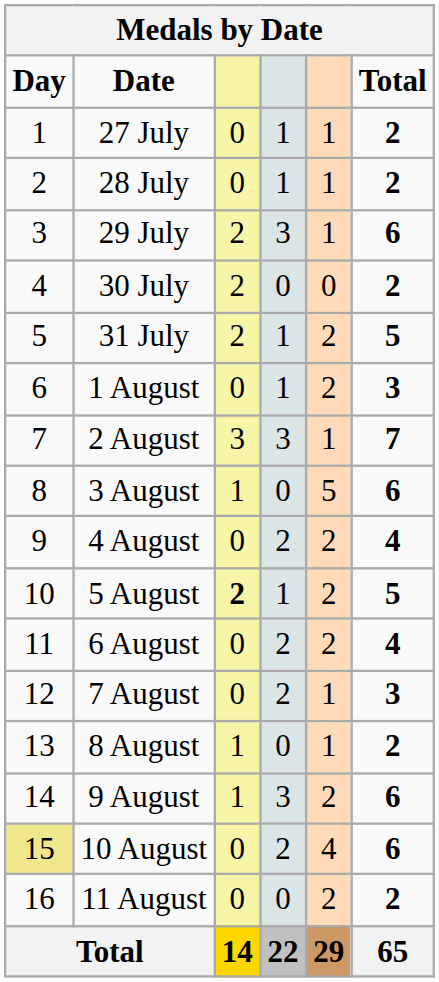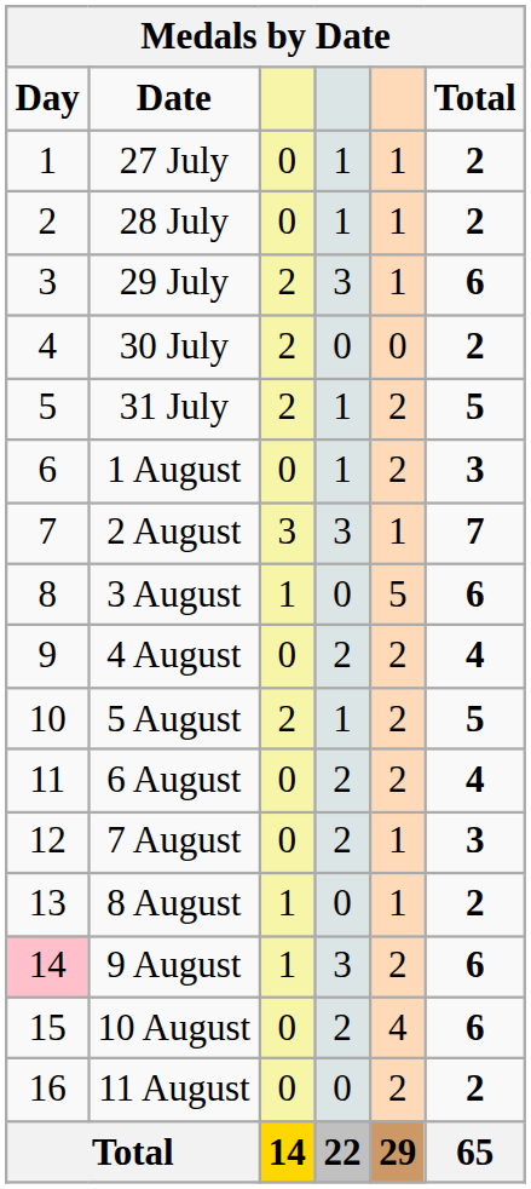 <table class="wikitable" style="font-size:85%">
 <tr bgcolor="#efefef">
 <th colspan=6>Medals by Date</th>
 </tr>
 <tr align=center>
 <td><strong>Day</strong></td>
 <td><strong>Date</strong></td>
 <td bgcolor=#f7f6a8></td>
 <td bgcolor=#dce5e5></td>
 <td bgcolor=#ffdab9></td>
 <td><strong>Total</strong></td>
 </tr>
 <tr align=center>
 <td>1</td>
 <td>27 July</td>
 <td style="background:#F7F6A8;">0</td>
 <td style="background:#DCE5E5;">1</td>
 <td style="background:#FFDAB9;">1</td>
 <td><strong>2</strong></td>
 </tr>
 <tr align=center>
 <td>2</td>
 <td>28 July</td>
 <td style="background:#F7F6A8;">0</td>
 <td style="background:#DCE5E5;">1</td>
 <td style="background:#FFDAB9;">1</td>
 <td><strong>2</strong></td>
 </tr>
 <tr align=center>
 <td>3</td>
 <td>29 July</td>
 <td style="background:#F7F6A8;">2</td>
 <td style="background:#DCE5E5;">3</td>
 <td style="background:#FFDAB9;">1</td>
 <td><strong>6</strong></td>
 </tr>
 <tr align=center>
 <td>4</td>
 <td>30 July</td>
 <td style="background:#F7F6A8;">2</td>
 <td style="background:#DCE5E5;">0</td>
 <td style="background:#FFDAB9;">0</td>
 <td><strong>2</strong></td>
 </tr>
 <tr align=center>
 <td>5</td>
 <td>31 July</td>
 <td style="background:#F7F6A8;">2</td>
 <td style="background:#DCE5E5;">1</td>
 <td style="background:#FFDAB9;">2</td>
 <td><strong>5</strong></td>
 </tr>
 <tr align=center>
 <td>6</td>
 <td>1 August</td>
 <td style="background:#F7F6A8;">0</td>
 <td style="background:#DCE5E5;">1</td>
 <td style="background:#FFDAB9;">2</td>
 <td><strong>3</strong></td>
 </tr>
 <tr align=center>
 <td>7</td>
 <td>2 August</td>
 <td style="background:#F7F6A8;">3</td>
 <td style="background:#DCE5E5;">3</td>
 <td style="background:#FFDAB9;">1</td>
 <td><strong>7</strong></td>
 </tr>
 <tr align=center>
 <td>8</td>
 <td>3 August</td>
 <td style="background:#F7F6A8;">1</td>
 <td style="background:#DCE5E5;">0</td>
 <td style="background:#FFDAB9;">5</td>
 <td><strong>6</strong></td>
 </tr>
 <tr align=center>
 <td>9</td>
 <td>4 August</td>
 <td style="background:#F7F6A8;">0</td>
 <td style="background:#DCE5E5;">2</td>
 <td style="background:#FFDAB9;">2</td>
 <td><strong>4</strong></td>
 </tr>
 <tr align=center>
 <td>10</td>
 <td>5 August</td>
-<td style="background:#F7F6A8;"><strong>2</strong></td>
+<td style="background:#F7F6A8;">2</td>
 <td style="background:#DCE5E5;">1</td>
 <td style="background:#FFDAB9;">2</td>
 <td><strong>5</strong></td>
 </tr>
 <tr align=center>
 <td>11</td>
 <td>6 August</td>
 <td style="background:#F7F6A8;">0</td>
 <td style="background:#DCE5E5;">2</td>
 <td style="background:#FFDAB9;">2</td>
 <td><strong>4</strong></td>
 </tr>
 <tr align=center>
 <td>12</td>
 <td>7 August</td>
 <td style="background:#F7F6A8;">0</td>
 <td style="background:#DCE5E5;">2</td>
 <td style="background:#FFDAB9;">1</td>
 <td><strong>3</strong></td>
 </tr>
 <tr align=center>
 <td>13</td>
 <td>8 August</td>
 <td style="background:#F7F6A8;">1</td>
 <td style="background:#DCE5E5;">0</td>
 <td style="background:#FFDAB9;">1</td>
 <td><strong>2</strong></td>
 </tr>
 <tr align=center>
-<td>14</td>
+<td style="background: pink;">14</td>
 <td>9 August</td>
 <td style="background:#F7F6A8;">1</td>
 <td style="background:#DCE5E5;">3</td>
 <td style="background:#FFDAB9;">2</td>
 <td><strong>6</strong></td>
 </tr>
 <tr align=center>
-<td style="background: khaki;">15</td>
+<td>15</td>
 <td>10 August</td>
 <td style="background:#F7F6A8;">0</td>
 <td style="background:#DCE5E5;">2</td>
 <td style="background:#FFDAB9;">4</td>
 <td><strong>6</strong></td>
 </tr>
 <tr align=center>
 <td>16</td>
 <td>11 August</td>
 <td style="background:#F7F6A8;">0</td>
 <td style="background:#DCE5E5;">0</td>
 <td style="background:#FFDAB9;">2</td>
 <td><strong>2</strong></td>
 </tr>
 <tr align=center>
 <th colspan="2"><strong>Total</strong></th>
 <th style="background:gold;"><strong>14</strong></th>
 <th style="background:silver;"><strong>22</strong></th>
 <th style="background:#c96;"><strong>29</strong></th>
 <th>65</th>
 </tr>
 </table>
